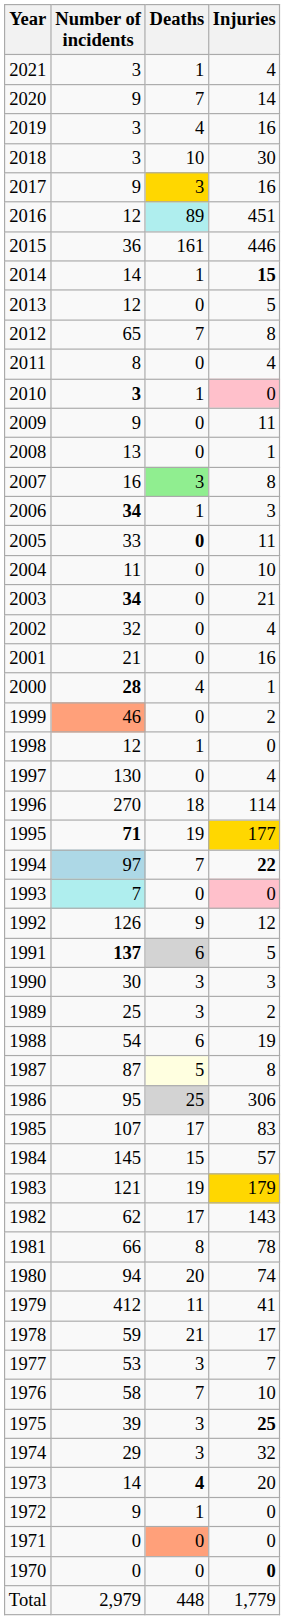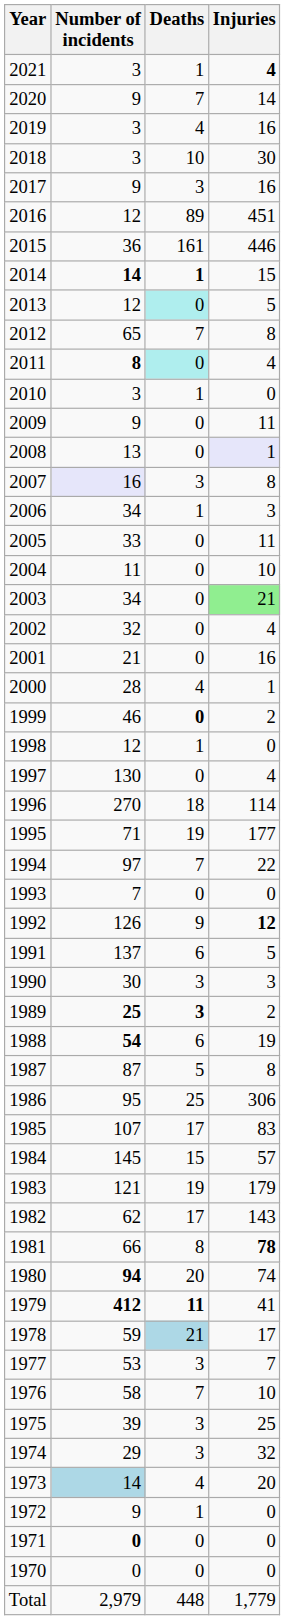 <table class="wikitable sortable collapsible" style="text-align:right">
 <tr style="background:#ececec; vertical-align:top;">
 <th>Year</th>
 <th>Number of<br>incidents</th>
 <th>Deaths</th>
 <th>Injuries</th>
 </tr>
 <tr>
 <td align=center>2021</td>
 <td>3</td>
 <td>1</td>
-<td>4</td>
+<td><strong>4</strong></td>
 </tr>
 <tr>
 <td align=center>2020</td>
 <td>9</td>
 <td>7</td>
 <td>14</td>
 </tr>
 <tr>
 <td align=center>2019</td>
 <td>3</td>
 <td>4</td>
 <td>16</td>
 </tr>
 <tr>
 <td align=center>2018</td>
 <td>3</td>
 <td>10</td>
 <td>30</td>
 </tr>
 <tr>
 <td align=center>2017</td>
 <td>9</td>
-<td style="background: gold;">3</td>
+<td>3</td>
 <td>16</td>
 </tr>
 <tr>
 <td align=center>2016</td>
 <td>12</td>
-<td style="background: paleturquoise;">89</td>
+<td>89</td>
 <td>451</td>
 </tr>
 <tr>
 <td align=center>2015</td>
 <td>36</td>
 <td>161</td>
 <td>446</td>
 </tr>
 <tr>
 <td align=center>2014</td>
-<td>14</td>
-<td>1</td>
-<td><strong>15</strong></td>
+<td><strong>14</strong></td>
+<td><strong>1</strong></td>
+<td>15</td>
 </tr>
 <tr>
 <td align=center>2013</td>
 <td>12</td>
-<td>0</td>
+<td style="background: paleturquoise;">0</td>
 <td>5</td>
 </tr>
 <tr>
 <td align=center>2012</td>
 <td>65</td>
 <td>7</td>
 <td>8</td>
 </tr>
 <tr>
 <td align=center>2011</td>
-<td>8</td>
-<td>0</td>
+<td><strong>8</strong></td>
+<td style="background: paleturquoise;">0</td>
 <td>4</td>
 </tr>
 <tr>
 <td align=center>2010</td>
-<td><strong>3</strong></td>
+<td>3</td>
 <td>1</td>
-<td style="background: pink;">0</td>
+<td>0</td>
 </tr>
 <tr>
 <td align=center>2009</td>
 <td>9</td>
 <td>0</td>
 <td>11</td>
 </tr>
 <tr>
 <td align=center>2008</td>
 <td>13</td>
 <td>0</td>
-<td>1</td>
+<td style="background: lavender;">1</td>
 </tr>
 <tr>
 <td align=center>2007</td>
-<td>16</td>
-<td style="background: lightgreen;">3</td>
+<td style="background: lavender;">16</td>
+<td>3</td>
 <td>8</td>
 </tr>
 <tr>
 <td align=center>2006</td>
-<td><strong>34</strong></td>
+<td>34</td>
 <td>1</td>
 <td>3</td>
 </tr>
 <tr>
 <td align=center>2005</td>
 <td>33</td>
-<td><strong>0</strong></td>
+<td>0</td>
 <td>11</td>
 </tr>
 <tr>
 <td align=center>2004</td>
 <td>11</td>
 <td>0</td>
 <td>10</td>
 </tr>
 <tr>
 <td align=center>2003</td>
-<td><strong>34</strong></td>
+<td>34</td>
 <td>0</td>
-<td>21</td>
+<td style="background: lightgreen;">21</td>
 </tr>
 <tr>
 <td align=center>2002</td>
 <td>32</td>
 <td>0</td>
 <td>4</td>
 </tr>
 <tr>
 <td align=center>2001</td>
 <td>21</td>
 <td>0</td>
 <td>16</td>
 </tr>
 <tr>
 <td align=center>2000</td>
-<td><strong>28</strong></td>
+<td>28</td>
 <td>4</td>
 <td>1</td>
 </tr>
 <tr>
 <td align=center>1999</td>
-<td style="background: lightsalmon;">46</td>
-<td>0</td>
+<td>46</td>
+<td><strong>0</strong></td>
 <td>2</td>
 </tr>
 <tr>
 <td align=center>1998</td>
 <td>12</td>
 <td>1</td>
 <td>0</td>
 </tr>
 <tr>
 <td align=center>1997</td>
 <td>130</td>
 <td>0</td>
 <td>4</td>
 </tr>
 <tr>
 <td align=center>1996</td>
 <td>270</td>
 <td>18</td>
 <td>114</td>
 </tr>
 <tr>
 <td align=center>1995</td>
-<td><strong>71</strong></td>
+<td>71</td>
 <td>19</td>
-<td style="background: gold;">177</td>
+<td>177</td>
 </tr>
 <tr>
 <td align=center>1994</td>
-<td style="background: lightblue;">97</td>
+<td>97</td>
 <td>7</td>
-<td><strong>22</strong></td>
+<td>22</td>
 </tr>
 <tr>
 <td align=center>1993</td>
-<td style="background: paleturquoise;">7</td>
+<td>7</td>
 <td>0</td>
-<td style="background: pink;">0</td>
+<td>0</td>
 </tr>
 <tr>
 <td align=center>1992</td>
 <td>126</td>
 <td>9</td>
-<td>12</td>
+<td><strong>12</strong></td>
 </tr>
 <tr>
 <td align=center>1991</td>
-<td><strong>137</strong></td>
-<td style="background: lightgrey;">6</td>
+<td>137</td>
+<td>6</td>
 <td>5</td>
 </tr>
 <tr>
 <td align=center>1990</td>
 <td>30</td>
 <td>3</td>
 <td>3</td>
 </tr>
 <tr>
 <td align=center>1989</td>
-<td>25</td>
-<td>3</td>
+<td><strong>25</strong></td>
+<td><strong>3</strong></td>
 <td>2</td>
 </tr>
 <tr>
 <td align=center>1988</td>
-<td>54</td>
+<td><strong>54</strong></td>
 <td>6</td>
 <td>19</td>
 </tr>
 <tr>
 <td align=center>1987</td>
 <td>87</td>
-<td style="background: lightyellow;">5</td>
+<td>5</td>
 <td>8</td>
 </tr>
 <tr>
 <td align=center>1986</td>
 <td>95</td>
-<td style="background: lightgrey;">25</td>
+<td>25</td>
 <td>306</td>
 </tr>
 <tr>
 <td align=center>1985</td>
 <td>107</td>
 <td>17</td>
 <td>83</td>
 </tr>
 <tr>
 <td align=center>1984</td>
 <td>145</td>
 <td>15</td>
 <td>57</td>
 </tr>
 <tr>
 <td align=center>1983</td>
 <td>121</td>
 <td>19</td>
-<td style="background: gold;">179</td>
+<td>179</td>
 </tr>
 <tr>
 <td align=center>1982</td>
 <td>62</td>
 <td>17</td>
 <td>143</td>
 </tr>
 <tr>
 <td align=center>1981</td>
 <td>66</td>
 <td>8</td>
-<td>78</td>
+<td><strong>78</strong></td>
 </tr>
 <tr>
 <td align=center>1980</td>
-<td>94</td>
+<td><strong>94</strong></td>
 <td>20</td>
 <td>74</td>
 </tr>
 <tr>
 <td align=center>1979</td>
-<td>412</td>
-<td>11</td>
+<td><strong>412</strong></td>
+<td><strong>11</strong></td>
 <td>41</td>
 </tr>
 <tr>
 <td align=center>1978</td>
 <td>59</td>
-<td>21</td>
+<td style="background: lightblue;">21</td>
 <td>17</td>
 </tr>
 <tr>
 <td align=center>1977</td>
 <td>53</td>
 <td>3</td>
 <td>7</td>
 </tr>
 <tr>
 <td align=center>1976</td>
 <td>58</td>
 <td>7</td>
 <td>10</td>
 </tr>
 <tr>
 <td align=center>1975</td>
 <td>39</td>
 <td>3</td>
-<td><strong>25</strong></td>
+<td>25</td>
 </tr>
 <tr>
 <td align=center>1974</td>
 <td>29</td>
 <td>3</td>
 <td>32</td>
 </tr>
 <tr>
 <td align=center>1973</td>
-<td>14</td>
-<td><strong>4</strong></td>
+<td style="background: lightblue;">14</td>
+<td>4</td>
 <td>20</td>
 </tr>
 <tr>
 <td align=center>1972</td>
 <td>9</td>
 <td>1</td>
 <td>0</td>
 </tr>
 <tr>
 <td align=center>1971</td>
+<td><strong>0</strong></td>
 <td>0</td>
-<td style="background: lightsalmon;">0</td>
 <td>0</td>
 </tr>
 <tr>
 <td align=center>1970</td>
 <td>0</td>
 <td>0</td>
-<td><strong>0</strong></td>
+<td>0</td>
 </tr>
 <tr>
 <td align=center>Total</td>
 <td>2,979</td>
 <td>448</td>
 <td>1,779</td>
 </tr>
 </table>
